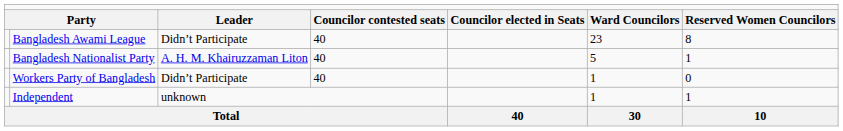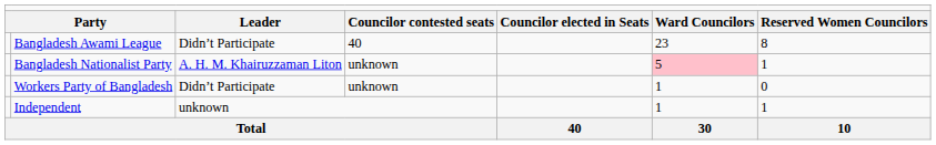 <table class="wikitable">
 <tr>
 <td colspan="7"></td>
 </tr>
 <tr>
 <th colspan="2">Party</th>
 <th>Leader</th>
 <th>Councilor contested seats</th>
 <th>Councilor elected in Seats</th>
 <th>Ward Councilors</th>
 <th>Reserved Women Councilors</th>
 </tr>
 <tr>
 <td></td>
 <td><a href='#'>Bangladesh Awami League</a></td>
 <td>Didn’t Participate</td>
 <td>40</td>
 <td></td>
 <td>23</td>
 <td>8</td>
 </tr>
 <tr>
 <td></td>
 <td><a href='#'>Bangladesh Nationalist Party</a></td>
 <td><a href='#'>A. H. M. Khairuzzaman Liton</a></td>
-<td>40</td>
+<td>unknown</td>
 <td></td>
-<td>5</td>
+<td style="background: pink;">5</td>
 <td>1</td>
 </tr>
 <tr>
 <td></td>
 <td><a href='#'>Workers Party of Bangladesh</a></td>
 <td>Didn’t Participate</td>
-<td>40</td>
+<td>unknown</td>
 <td></td>
 <td>1</td>
 <td>0</td>
 </tr>
 <tr>
 <td></td>
 <td><a href='#'>Independent</a></td>
 <td colspan="2">unknown</td>
 <td></td>
 <td>1</td>
 <td>1</td>
 </tr>
 <tr>
 <th colspan="4">Total</th>
 <th>40</th>
 <th>30</th>
 <th>10</th>
 </tr>
 </table>
